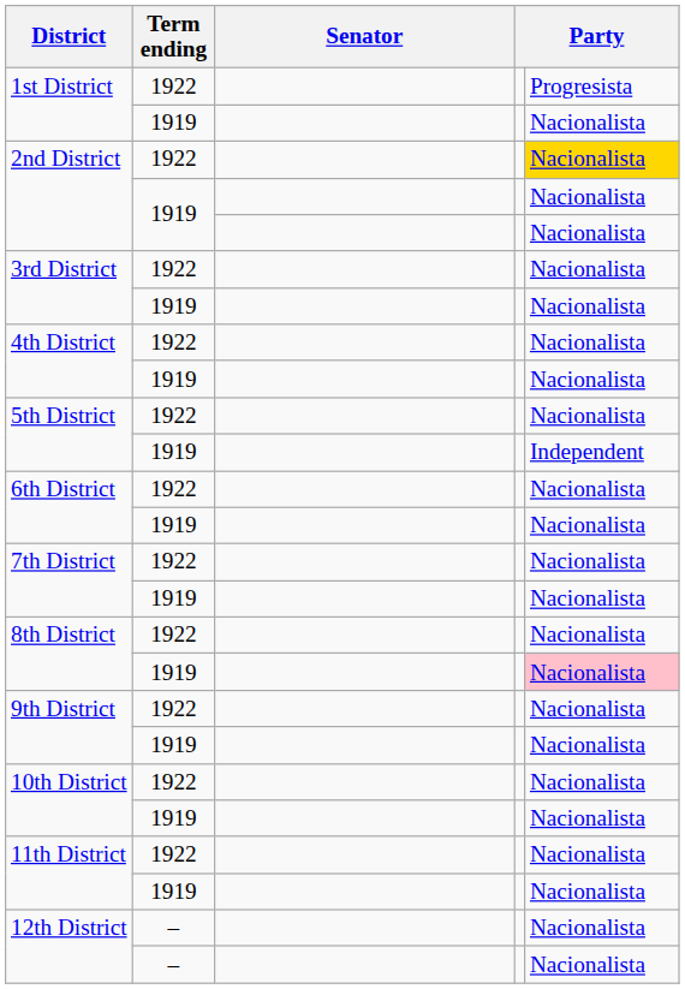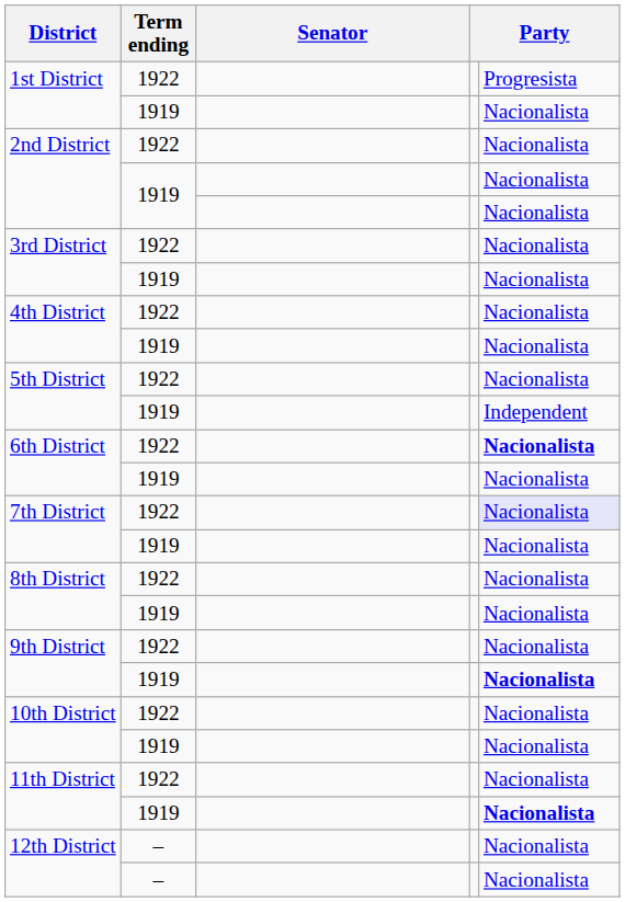 <table class="wikitable sortable">
 <tr>
 <th><a href='#'>District</a></th>
 <th width="50px">Term ending</th>
 <th width="200px"><a href='#'>Senator</a></th>
 <th colspan="2"><a href='#'>Party</a></th>
 </tr>
 <tr>
 <td rowspan="2" valign="top"><a href='#'>1st District</a></td>
 <td align="center">1922</td>
 <td></td>
 <td></td>
 <td width="100px"><a href='#'>Progresista</a></td>
 </tr>
 <tr>
 <td align="center">1919</td>
 <td></td>
 <td></td>
 <td><a href='#'>Nacionalista</a></td>
 </tr>
 <tr>
 <td rowspan="3" valign="top"><a href='#'>2nd District</a></td>
 <td align="center">1922</td>
 <td></td>
 <td></td>
-<td style="background: gold;"><a href='#'>Nacionalista</a></td>
+<td><a href='#'>Nacionalista</a></td>
 </tr>
 <tr>
 <td rowspan="2" align="center">1919</td>
 <td></td>
 <td></td>
 <td><a href='#'>Nacionalista</a></td>
 </tr>
 <tr>
 <td></td>
 <td></td>
 <td><a href='#'>Nacionalista</a></td>
 </tr>
 <tr>
 <td rowspan="2" valign="top"><a href='#'>3rd District</a></td>
 <td align="center">1922</td>
 <td></td>
 <td></td>
 <td><a href='#'>Nacionalista</a></td>
 </tr>
 <tr>
 <td align="center">1919</td>
 <td></td>
 <td></td>
 <td><a href='#'>Nacionalista</a></td>
 </tr>
 <tr>
 <td rowspan="2" valign="top"><a href='#'>4th District</a></td>
 <td align="center">1922</td>
 <td></td>
 <td></td>
 <td><a href='#'>Nacionalista</a></td>
 </tr>
 <tr>
 <td align="center">1919</td>
 <td></td>
 <td></td>
 <td><a href='#'>Nacionalista</a></td>
 </tr>
 <tr>
 <td rowspan="2" valign="top"><a href='#'>5th District</a></td>
 <td align="center">1922</td>
 <td></td>
 <td></td>
 <td><a href='#'>Nacionalista</a></td>
 </tr>
 <tr>
 <td align="center">1919</td>
 <td></td>
 <td></td>
 <td><a href='#'>Independent</a></td>
 </tr>
 <tr>
 <td rowspan="2" valign="top"><a href='#'>6th District</a></td>
 <td align="center">1922</td>
 <td></td>
 <td></td>
-<td><a href='#'>Nacionalista</a></td>
+<td><strong><a href='#'>Nacionalista</a></strong></td>
 </tr>
 <tr>
 <td align="center">1919</td>
 <td></td>
 <td></td>
 <td><a href='#'>Nacionalista</a></td>
 </tr>
 <tr>
 <td rowspan="2" valign="top"><a href='#'>7th District</a></td>
 <td align="center">1922</td>
 <td></td>
 <td></td>
-<td><a href='#'>Nacionalista</a></td>
+<td style="background: lavender;"><a href='#'>Nacionalista</a></td>
 </tr>
 <tr>
 <td align="center">1919</td>
 <td></td>
 <td></td>
 <td><a href='#'>Nacionalista</a></td>
 </tr>
 <tr>
 <td rowspan="2" valign="top"><a href='#'>8th District</a></td>
 <td align="center">1922</td>
 <td></td>
 <td></td>
 <td><a href='#'>Nacionalista</a></td>
 </tr>
 <tr>
 <td align="center">1919</td>
 <td></td>
 <td></td>
-<td style="background: pink;"><a href='#'>Nacionalista</a></td>
+<td><a href='#'>Nacionalista</a></td>
 </tr>
 <tr>
 <td rowspan="2" valign="top"><a href='#'>9th District</a></td>
 <td align="center">1922</td>
 <td></td>
 <td></td>
 <td><a href='#'>Nacionalista</a></td>
 </tr>
 <tr>
 <td align="center">1919</td>
 <td></td>
 <td></td>
-<td><a href='#'>Nacionalista</a></td>
+<td><strong><a href='#'>Nacionalista</a></strong></td>
 </tr>
 <tr>
 <td rowspan="2" valign="top"><a href='#'>10th District</a></td>
 <td align="center">1922</td>
 <td></td>
 <td></td>
 <td><a href='#'>Nacionalista</a></td>
 </tr>
 <tr>
 <td align="center">1919</td>
 <td></td>
 <td></td>
 <td><a href='#'>Nacionalista</a></td>
 </tr>
 <tr>
 <td rowspan="2" valign="top"><a href='#'>11th District</a></td>
 <td align="center">1922</td>
 <td></td>
 <td></td>
 <td><a href='#'>Nacionalista</a></td>
 </tr>
 <tr>
 <td align="center">1919</td>
 <td></td>
 <td></td>
-<td><a href='#'>Nacionalista</a></td>
+<td><strong><a href='#'>Nacionalista</a></strong></td>
 </tr>
 <tr>
 <td rowspan="2" valign="top"><a href='#'>12th District</a></td>
 <td align="center">–</td>
 <td></td>
 <td></td>
 <td><a href='#'>Nacionalista</a></td>
 </tr>
 <tr>
 <td align="center">–</td>
 <td></td>
 <td></td>
 <td><a href='#'>Nacionalista</a></td>
 </tr>
 </table>
